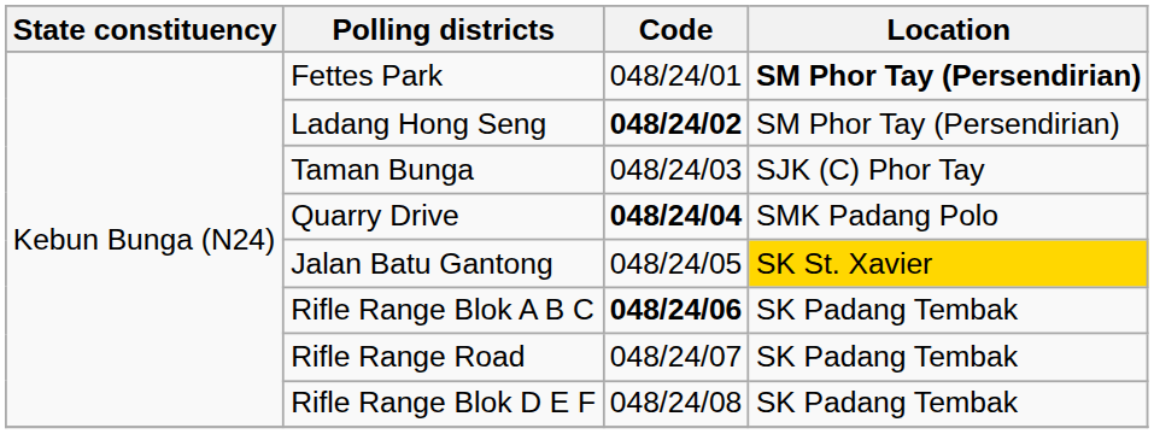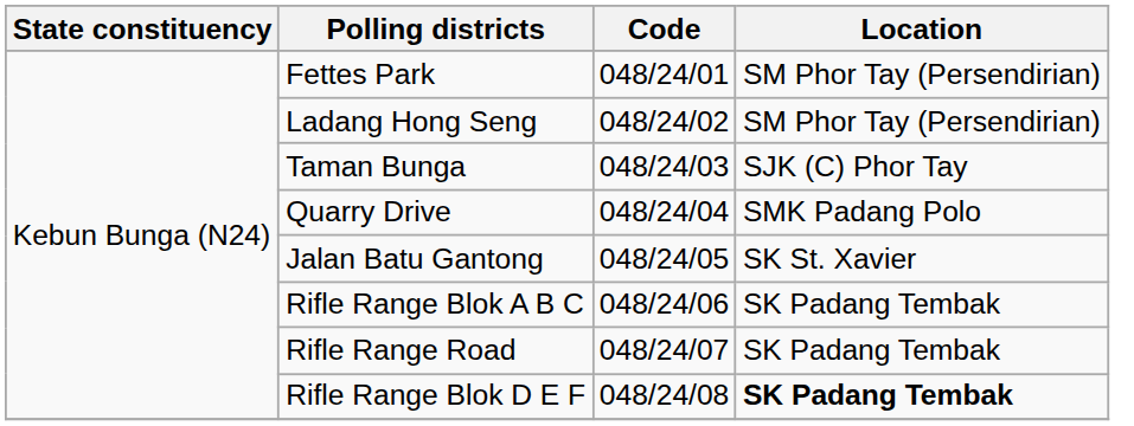 <table class="wikitable sortable mw-collapsible" style="white-space:nowrap;font-size:85%">
 <tr>
 <th>State constituency</th>
 <th>Polling districts</th>
 <th>Code</th>
 <th>Location</th>
 </tr>
 <tr>
 <td rowspan="8">Kebun Bunga (N24)</td>
 <td>Fettes Park</td>
 <td>048/24/01</td>
-<td><strong>SM Phor Tay (Persendirian)</strong></td>
+<td>SM Phor Tay (Persendirian)</td>
 </tr>
 <tr>
 <td>Ladang Hong Seng</td>
-<td><strong>048/24/02</strong></td>
+<td>048/24/02</td>
 <td>SM Phor Tay (Persendirian)</td>
 </tr>
 <tr>
 <td>Taman Bunga</td>
 <td>048/24/03</td>
 <td>SJK (C) Phor Tay</td>
 </tr>
 <tr>
 <td>Quarry Drive</td>
-<td><strong>048/24/04</strong></td>
+<td>048/24/04</td>
 <td>SMK Padang Polo</td>
 </tr>
 <tr>
 <td>Jalan Batu Gantong</td>
 <td>048/24/05</td>
-<td style="background: gold;">SK St. Xavier</td>
+<td>SK St. Xavier</td>
 </tr>
 <tr>
 <td>Rifle Range Blok A B C</td>
-<td><strong>048/24/06</strong></td>
+<td>048/24/06</td>
 <td>SK Padang Tembak</td>
 </tr>
 <tr>
 <td>Rifle Range Road</td>
 <td>048/24/07</td>
 <td>SK Padang Tembak</td>
 </tr>
 <tr>
 <td>Rifle Range Blok D E F</td>
 <td>048/24/08</td>
-<td>SK Padang Tembak</td>
+<td><strong>SK Padang Tembak</strong></td>
 </tr>
 <tr>
 </tr>
 </table>
